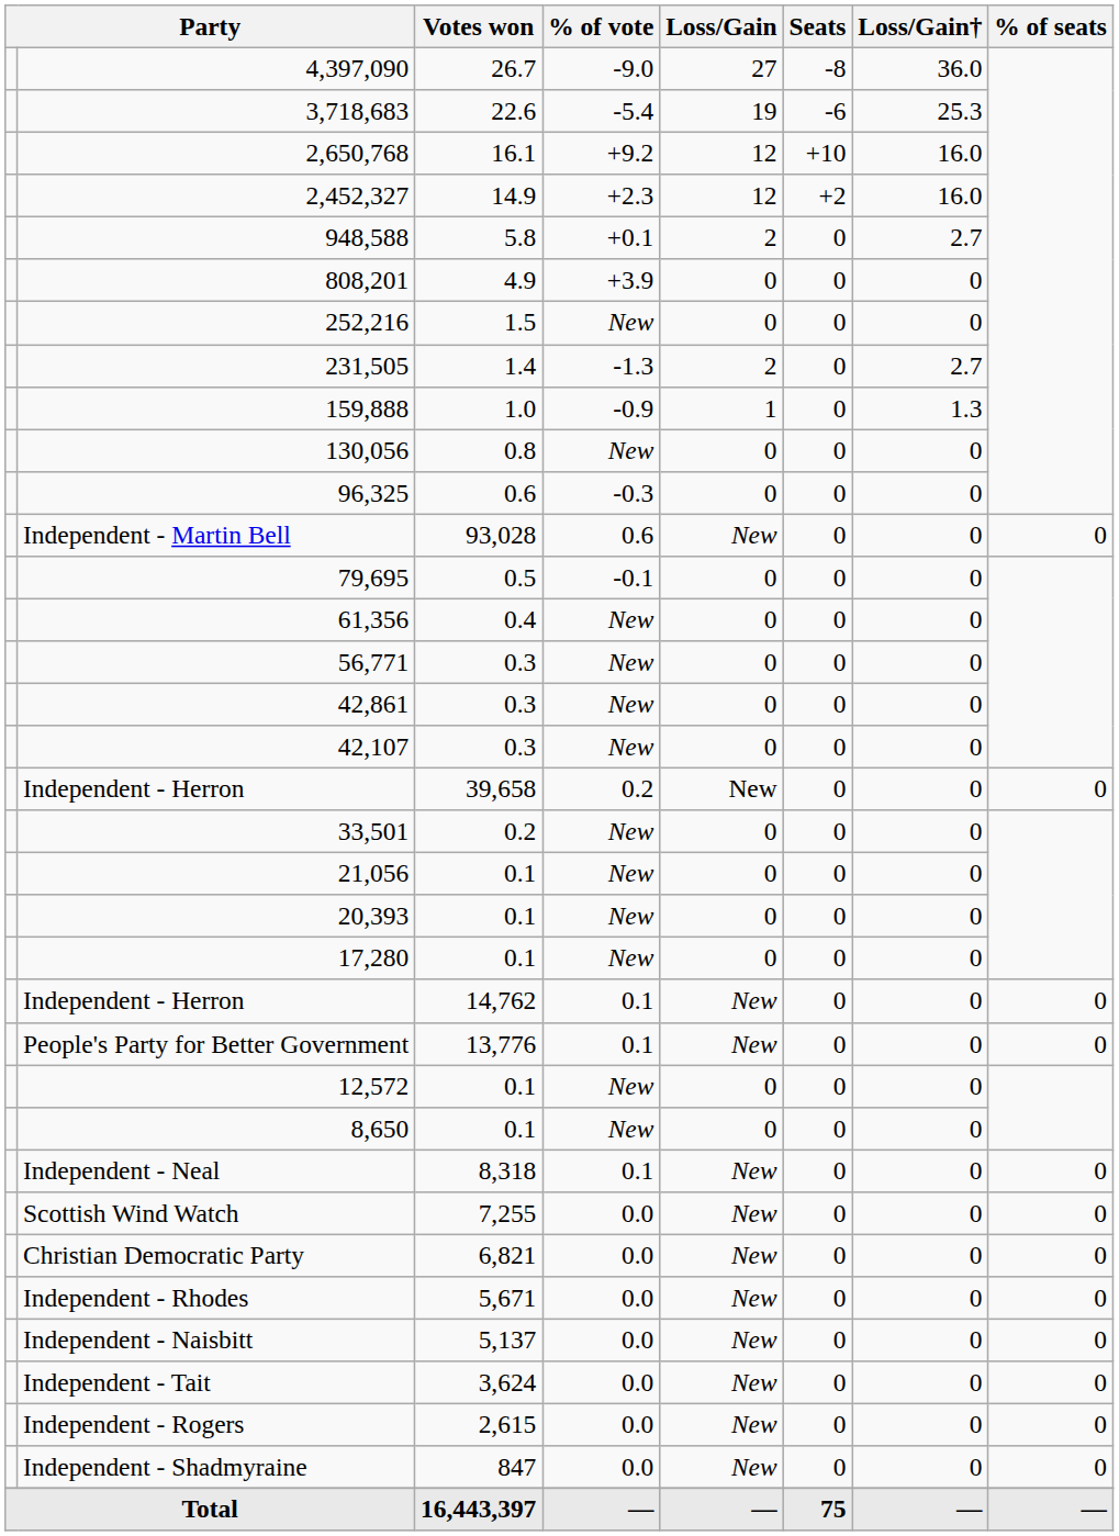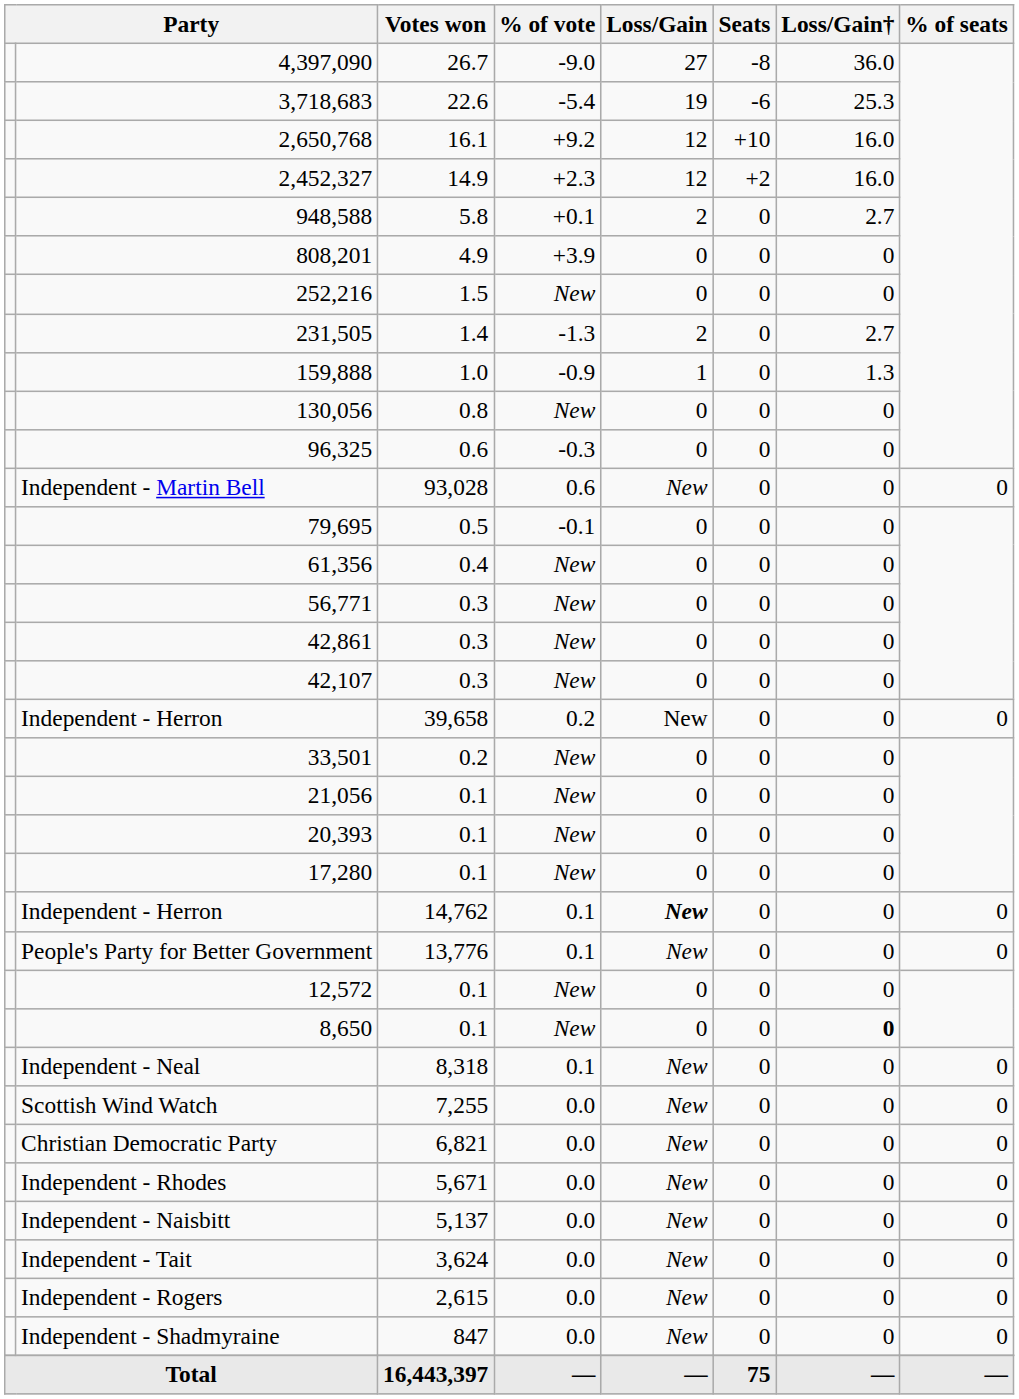 <table class="wikitable sortable" style="font-size:95%">
 <tr>
 <th colspan="2">Party</th>
 <th>Votes won</th>
 <th>% of vote</th>
 <th>Loss/Gain</th>
 <th>Seats</th>
 <th>Loss/Gain†</th>
 <th>% of seats</th>
 </tr>
 <tr align=right>
 <td></td>
 <td>4,397,090</td>
 <td>26.7</td>
 <td>-9.0</td>
 <td>27</td>
 <td>-8</td>
 <td>36.0</td>
 </tr>
 <tr align=right>
 <td></td>
 <td>3,718,683</td>
 <td>22.6</td>
 <td>-5.4</td>
 <td>19</td>
 <td>-6</td>
 <td>25.3</td>
 </tr>
 <tr align=right>
 <td></td>
 <td>2,650,768</td>
 <td>16.1</td>
 <td>+9.2</td>
 <td>12</td>
 <td>+10</td>
 <td>16.0</td>
 </tr>
 <tr align=right>
 <td></td>
 <td>2,452,327</td>
 <td>14.9</td>
 <td>+2.3</td>
 <td>12</td>
 <td>+2</td>
 <td>16.0</td>
 </tr>
 <tr align=right>
 <td></td>
 <td>948,588</td>
 <td>5.8</td>
 <td>+0.1</td>
 <td>2</td>
 <td>0</td>
 <td>2.7</td>
 </tr>
 <tr align=right>
 <td></td>
 <td>808,201</td>
 <td>4.9</td>
 <td>+3.9</td>
 <td>0</td>
 <td>0</td>
 <td>0</td>
 </tr>
 <tr align=right>
 <td></td>
 <td>252,216</td>
 <td>1.5</td>
 <td><em>New</em></td>
 <td>0</td>
 <td>0</td>
 <td>0</td>
 </tr>
 <tr align=right>
 <td></td>
 <td>231,505</td>
 <td>1.4</td>
 <td>-1.3</td>
 <td>2</td>
 <td>0</td>
 <td>2.7</td>
 </tr>
 <tr align=right>
 <td></td>
 <td>159,888</td>
 <td>1.0</td>
 <td>-0.9</td>
 <td>1</td>
 <td>0</td>
 <td>1.3</td>
 </tr>
 <tr align=right>
 <td></td>
 <td>130,056</td>
 <td>0.8</td>
 <td><em>New</em></td>
 <td>0</td>
 <td>0</td>
 <td>0</td>
 </tr>
 <tr align=right>
 <td></td>
 <td>96,325</td>
 <td>0.6</td>
 <td>-0.3</td>
 <td>0</td>
 <td>0</td>
 <td>0</td>
 </tr>
 <tr align=right>
 <td></td>
 <td align="left">Independent - <a href='#'>Martin Bell</a></td>
 <td align="right">93,028</td>
 <td>0.6</td>
 <td><em>New</em></td>
 <td>0</td>
 <td>0</td>
 <td>0</td>
 </tr>
 <tr align=right>
 <td></td>
 <td>79,695</td>
 <td>0.5</td>
 <td>-0.1</td>
 <td>0</td>
 <td>0</td>
 <td>0</td>
 </tr>
 <tr align=right>
 <td></td>
 <td>61,356</td>
 <td>0.4</td>
 <td><em>New</em></td>
 <td>0</td>
 <td>0</td>
 <td>0</td>
 </tr>
 <tr align=right>
 <td></td>
 <td>56,771</td>
 <td>0.3</td>
 <td><em>New</em></td>
 <td>0</td>
 <td>0</td>
 <td>0</td>
 </tr>
 <tr align=right>
 <td></td>
 <td>42,861</td>
 <td>0.3</td>
 <td><em>New</em></td>
 <td>0</td>
 <td>0</td>
 <td>0</td>
 </tr>
 <tr align=right>
 <td></td>
 <td>42,107</td>
 <td>0.3</td>
 <td><em>New</em></td>
 <td>0</td>
 <td>0</td>
 <td>0</td>
 </tr>
 <tr align=right>
 <td></td>
 <td align="left">Independent - Herron</td>
 <td align="right">39,658</td>
 <td>0.2</td>
 <td>New</td>
 <td>0</td>
 <td>0</td>
 <td>0</td>
 </tr>
 <tr align=right>
 <td></td>
 <td>33,501</td>
 <td>0.2</td>
 <td><em>New</em></td>
 <td>0</td>
 <td>0</td>
 <td>0</td>
 </tr>
 <tr align=right>
 <td></td>
 <td>21,056</td>
 <td>0.1</td>
 <td><em>New</em></td>
 <td>0</td>
 <td>0</td>
 <td>0</td>
 </tr>
 <tr align=right>
 <td></td>
 <td>20,393</td>
 <td>0.1</td>
 <td><em>New</em></td>
 <td>0</td>
 <td>0</td>
 <td>0</td>
 </tr>
 <tr align=right>
 <td></td>
 <td>17,280</td>
 <td>0.1</td>
 <td><em>New</em></td>
 <td>0</td>
 <td>0</td>
 <td>0</td>
 </tr>
 <tr align=right>
 <td></td>
 <td align="left">Independent - Herron</td>
 <td align="right">14,762</td>
 <td>0.1</td>
-<td><em>New</em></td>
+<td><strong><em>New</em></strong></td>
 <td>0</td>
 <td>0</td>
 <td>0</td>
 </tr>
 <tr align=right>
 <td></td>
 <td align="left">People's Party for Better Government</td>
 <td align="right">13,776</td>
 <td>0.1</td>
 <td><em>New</em></td>
 <td>0</td>
 <td>0</td>
 <td>0</td>
 </tr>
 <tr align=right>
 <td></td>
 <td>12,572</td>
 <td>0.1</td>
 <td><em>New</em></td>
 <td>0</td>
 <td>0</td>
 <td>0</td>
 </tr>
 <tr align=right>
 <td></td>
 <td align="right">8,650</td>
 <td>0.1</td>
 <td><em>New</em></td>
 <td>0</td>
 <td>0</td>
-<td>0</td>
+<td><strong>0</strong></td>
 </tr>
 <tr align=right>
 <td></td>
 <td align="left">Independent - Neal</td>
 <td align="right">8,318</td>
 <td>0.1</td>
 <td><em>New</em></td>
 <td>0</td>
 <td>0</td>
 <td>0</td>
 </tr>
 <tr align=right>
 <td></td>
 <td align="left">Scottish Wind Watch</td>
 <td align="right">7,255</td>
 <td>0.0</td>
 <td><em>New</em></td>
 <td>0</td>
 <td>0</td>
 <td>0</td>
 </tr>
 <tr align=right>
 <td></td>
 <td align="left">Christian Democratic Party</td>
 <td align="right">6,821</td>
 <td>0.0</td>
 <td><em>New</em></td>
 <td>0</td>
 <td>0</td>
 <td>0</td>
 </tr>
 <tr align=right>
 <td></td>
 <td align="left">Independent - Rhodes</td>
 <td align="right">5,671</td>
 <td>0.0</td>
 <td><em>New</em></td>
 <td>0</td>
 <td>0</td>
 <td>0</td>
 </tr>
 <tr align=right>
 <td></td>
 <td align="left">Independent - Naisbitt</td>
 <td align="right">5,137</td>
 <td>0.0</td>
 <td><em>New</em></td>
 <td>0</td>
 <td>0</td>
 <td>0</td>
 </tr>
 <tr align=right>
 <td></td>
 <td align="left">Independent - Tait</td>
 <td align="right">3,624</td>
 <td>0.0</td>
 <td><em>New</em></td>
 <td>0</td>
 <td>0</td>
 <td>0</td>
 </tr>
 <tr align=right>
 <td></td>
 <td align="left">Independent - Rogers</td>
 <td align="right">2,615</td>
 <td>0.0</td>
 <td><em>New</em></td>
 <td>0</td>
 <td>0</td>
 <td>0</td>
 </tr>
 <tr align=right>
 <td></td>
 <td align="left">Independent - Shadmyraine</td>
 <td align="right">847</td>
 <td>0.0</td>
 <td><em>New</em></td>
 <td>0</td>
 <td>0</td>
 <td>0</td>
 </tr>
 <tr align=right>
 </tr>
 <tr class="unsortable">
 <th colspan="2" style="background:#e9e9e9;">Total</th>
 <th style="background:#e9e9e9;"><strong>16,443,397</strong></th>
 <th style="background:#e9e9e9; text-align:right;">—</th>
 <th style="background:#e9e9e9; text-align:right;">—</th>
 <th style="background:#e9e9e9; text-align:right;">75</th>
 <th style="background:#e9e9e9; text-align:right;">—</th>
 <th style="background:#e9e9e9; text-align:right;">—</th>
 </tr>
 </table>
